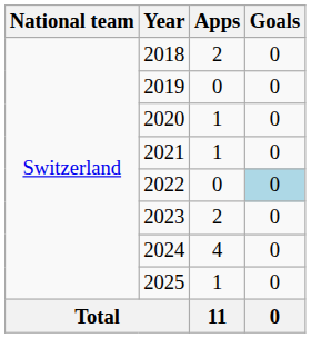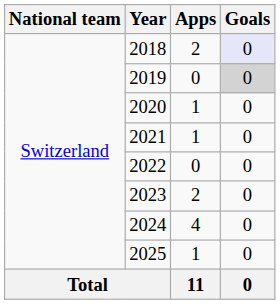 <table class="wikitable" style="text-align: center;">
 <tr>
 <th>National team</th>
 <th>Year</th>
 <th>Apps</th>
 <th>Goals</th>
 </tr>
 <tr>
 <td rowspan="8"><a href='#'>Switzerland</a></td>
 <td>2018</td>
 <td>2</td>
-<td>0</td>
+<td style="background: lavender;">0</td>
 </tr>
 <tr>
 <td>2019</td>
 <td>0</td>
-<td>0</td>
+<td style="background: lightgrey;">0</td>
 </tr>
 <tr>
 <td>2020</td>
 <td>1</td>
 <td>0</td>
 </tr>
 <tr>
 <td>2021</td>
 <td>1</td>
 <td>0</td>
 </tr>
 <tr>
 <td>2022</td>
 <td>0</td>
-<td style="background: lightblue;">0</td>
+<td>0</td>
 </tr>
 <tr>
 <td>2023</td>
 <td>2</td>
 <td>0</td>
 </tr>
 <tr>
 <td>2024</td>
 <td>4</td>
 <td>0</td>
 </tr>
 <tr>
 <td>2025</td>
 <td>1</td>
 <td>0</td>
 </tr>
 <tr>
 <th colspan="2">Total</th>
 <th>11</th>
 <th>0</th>
 </tr>
 </table>
